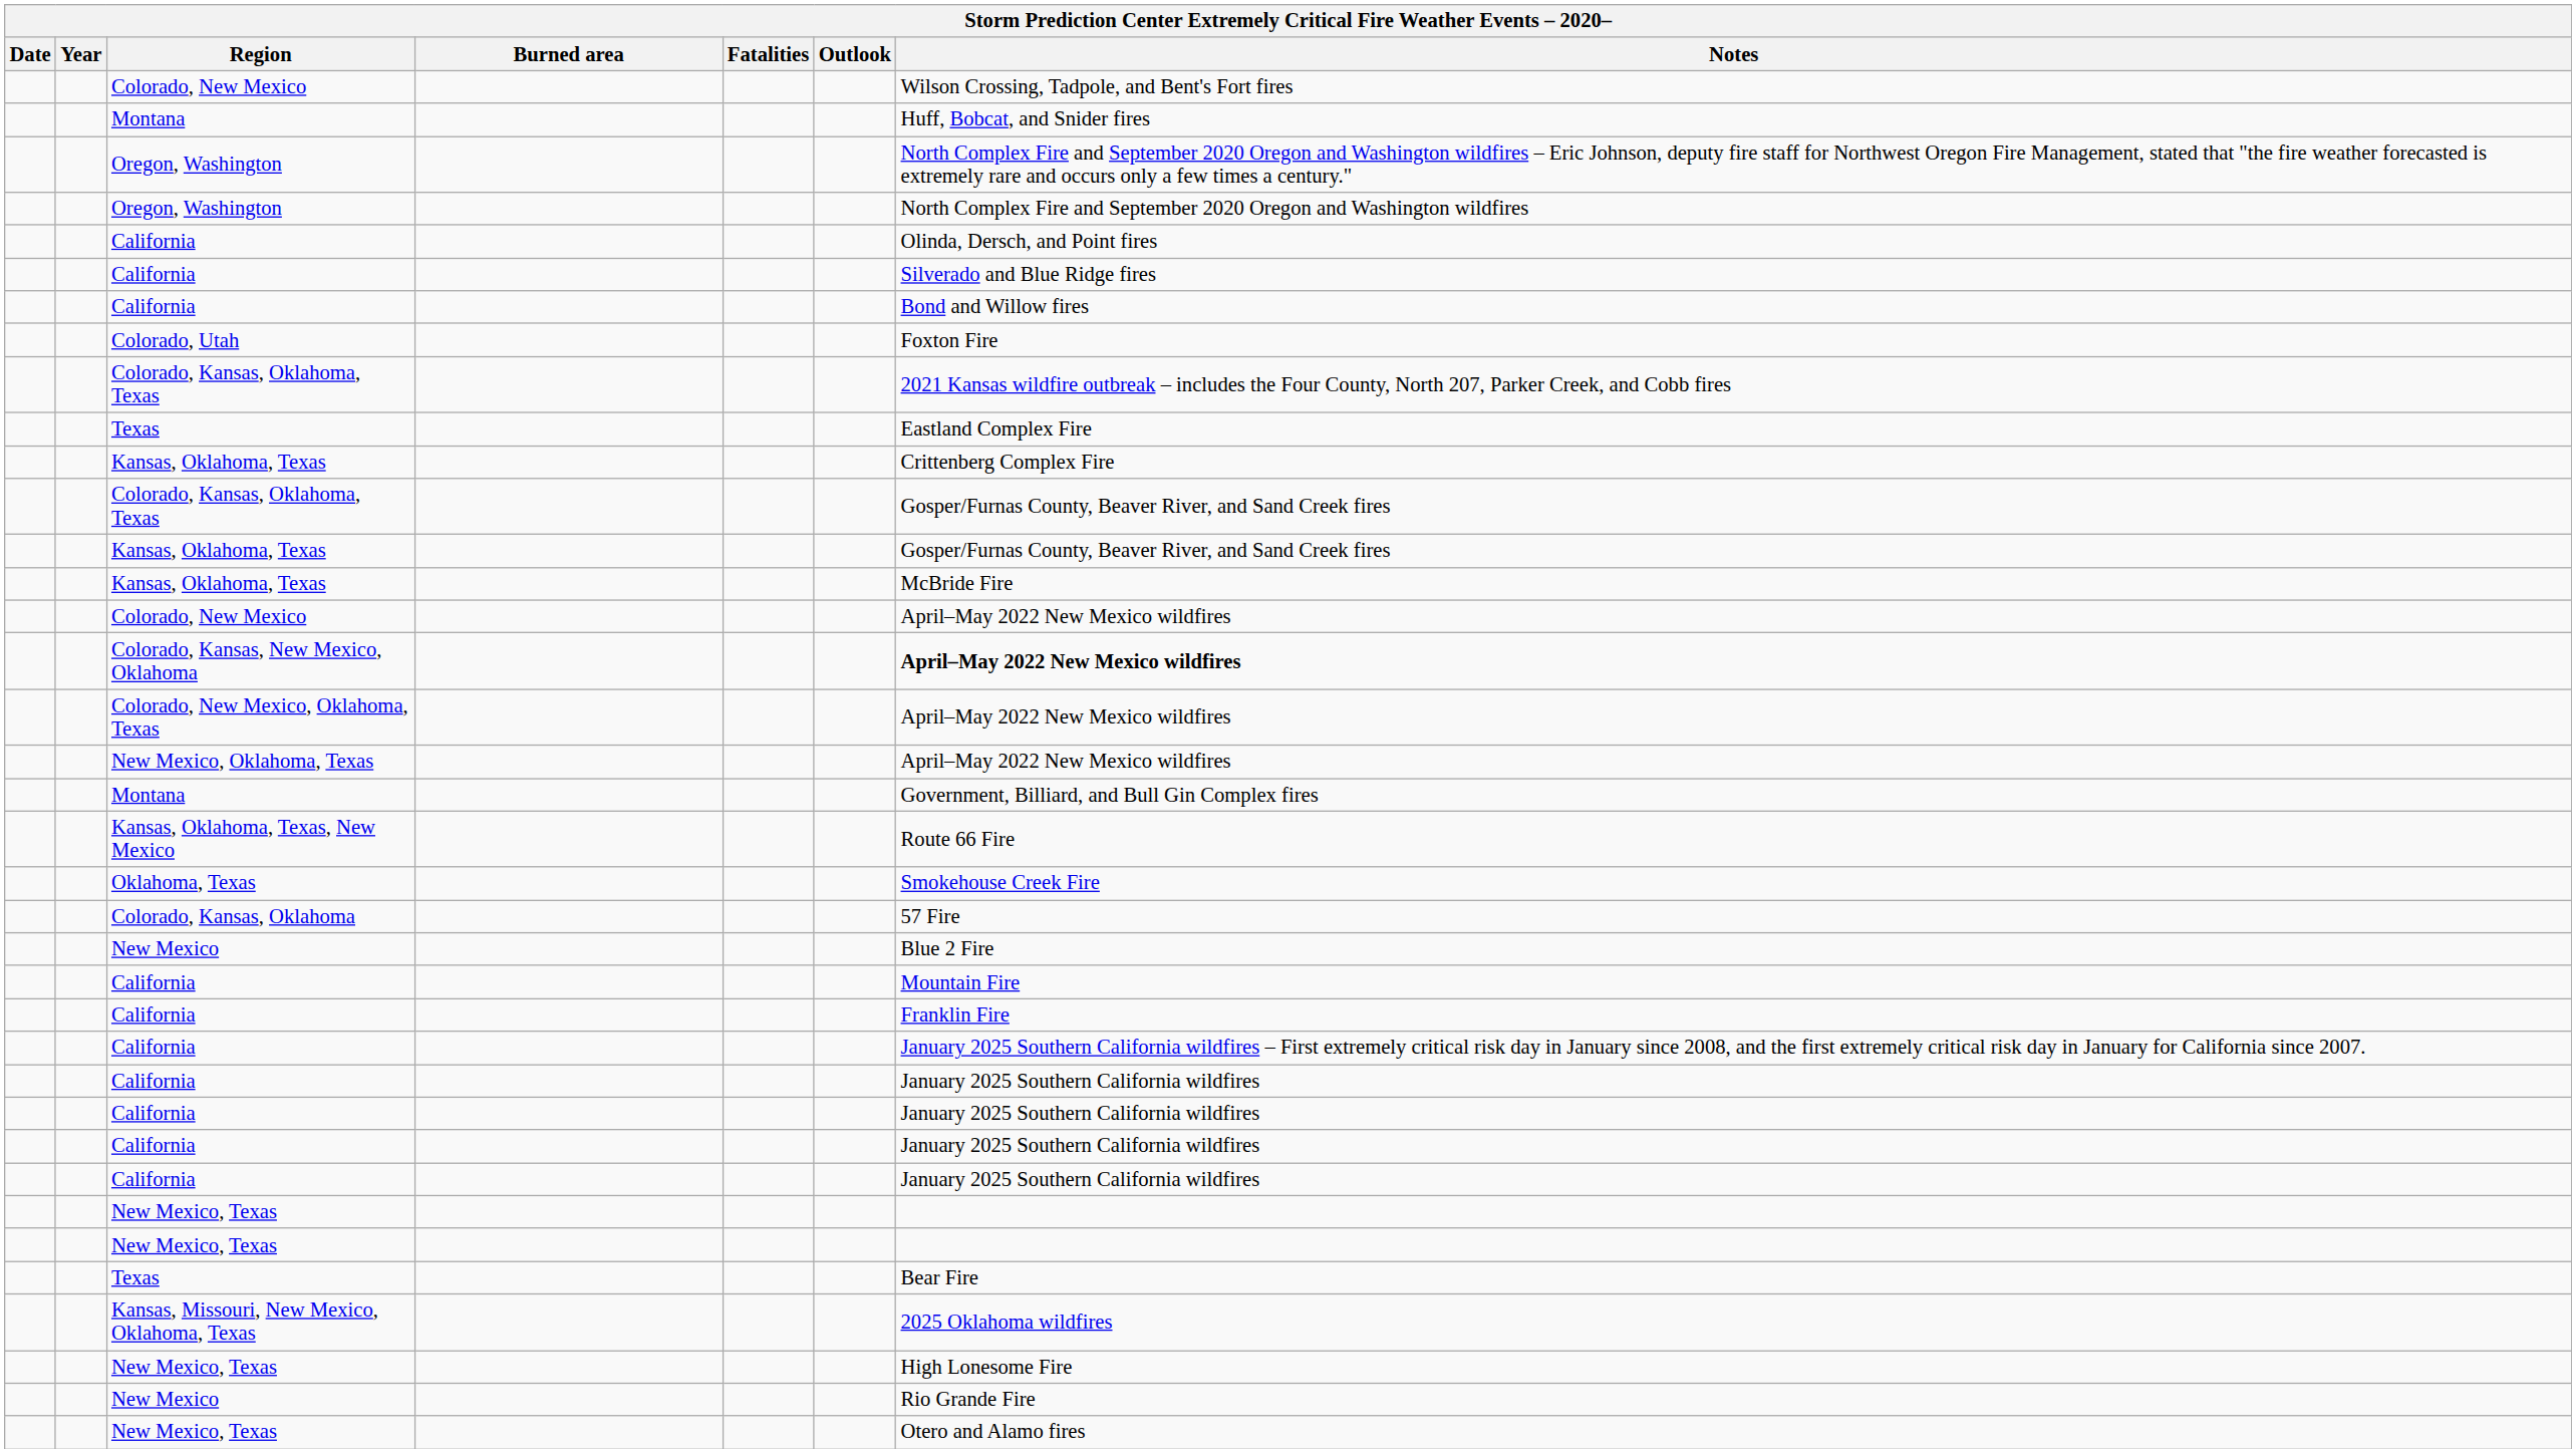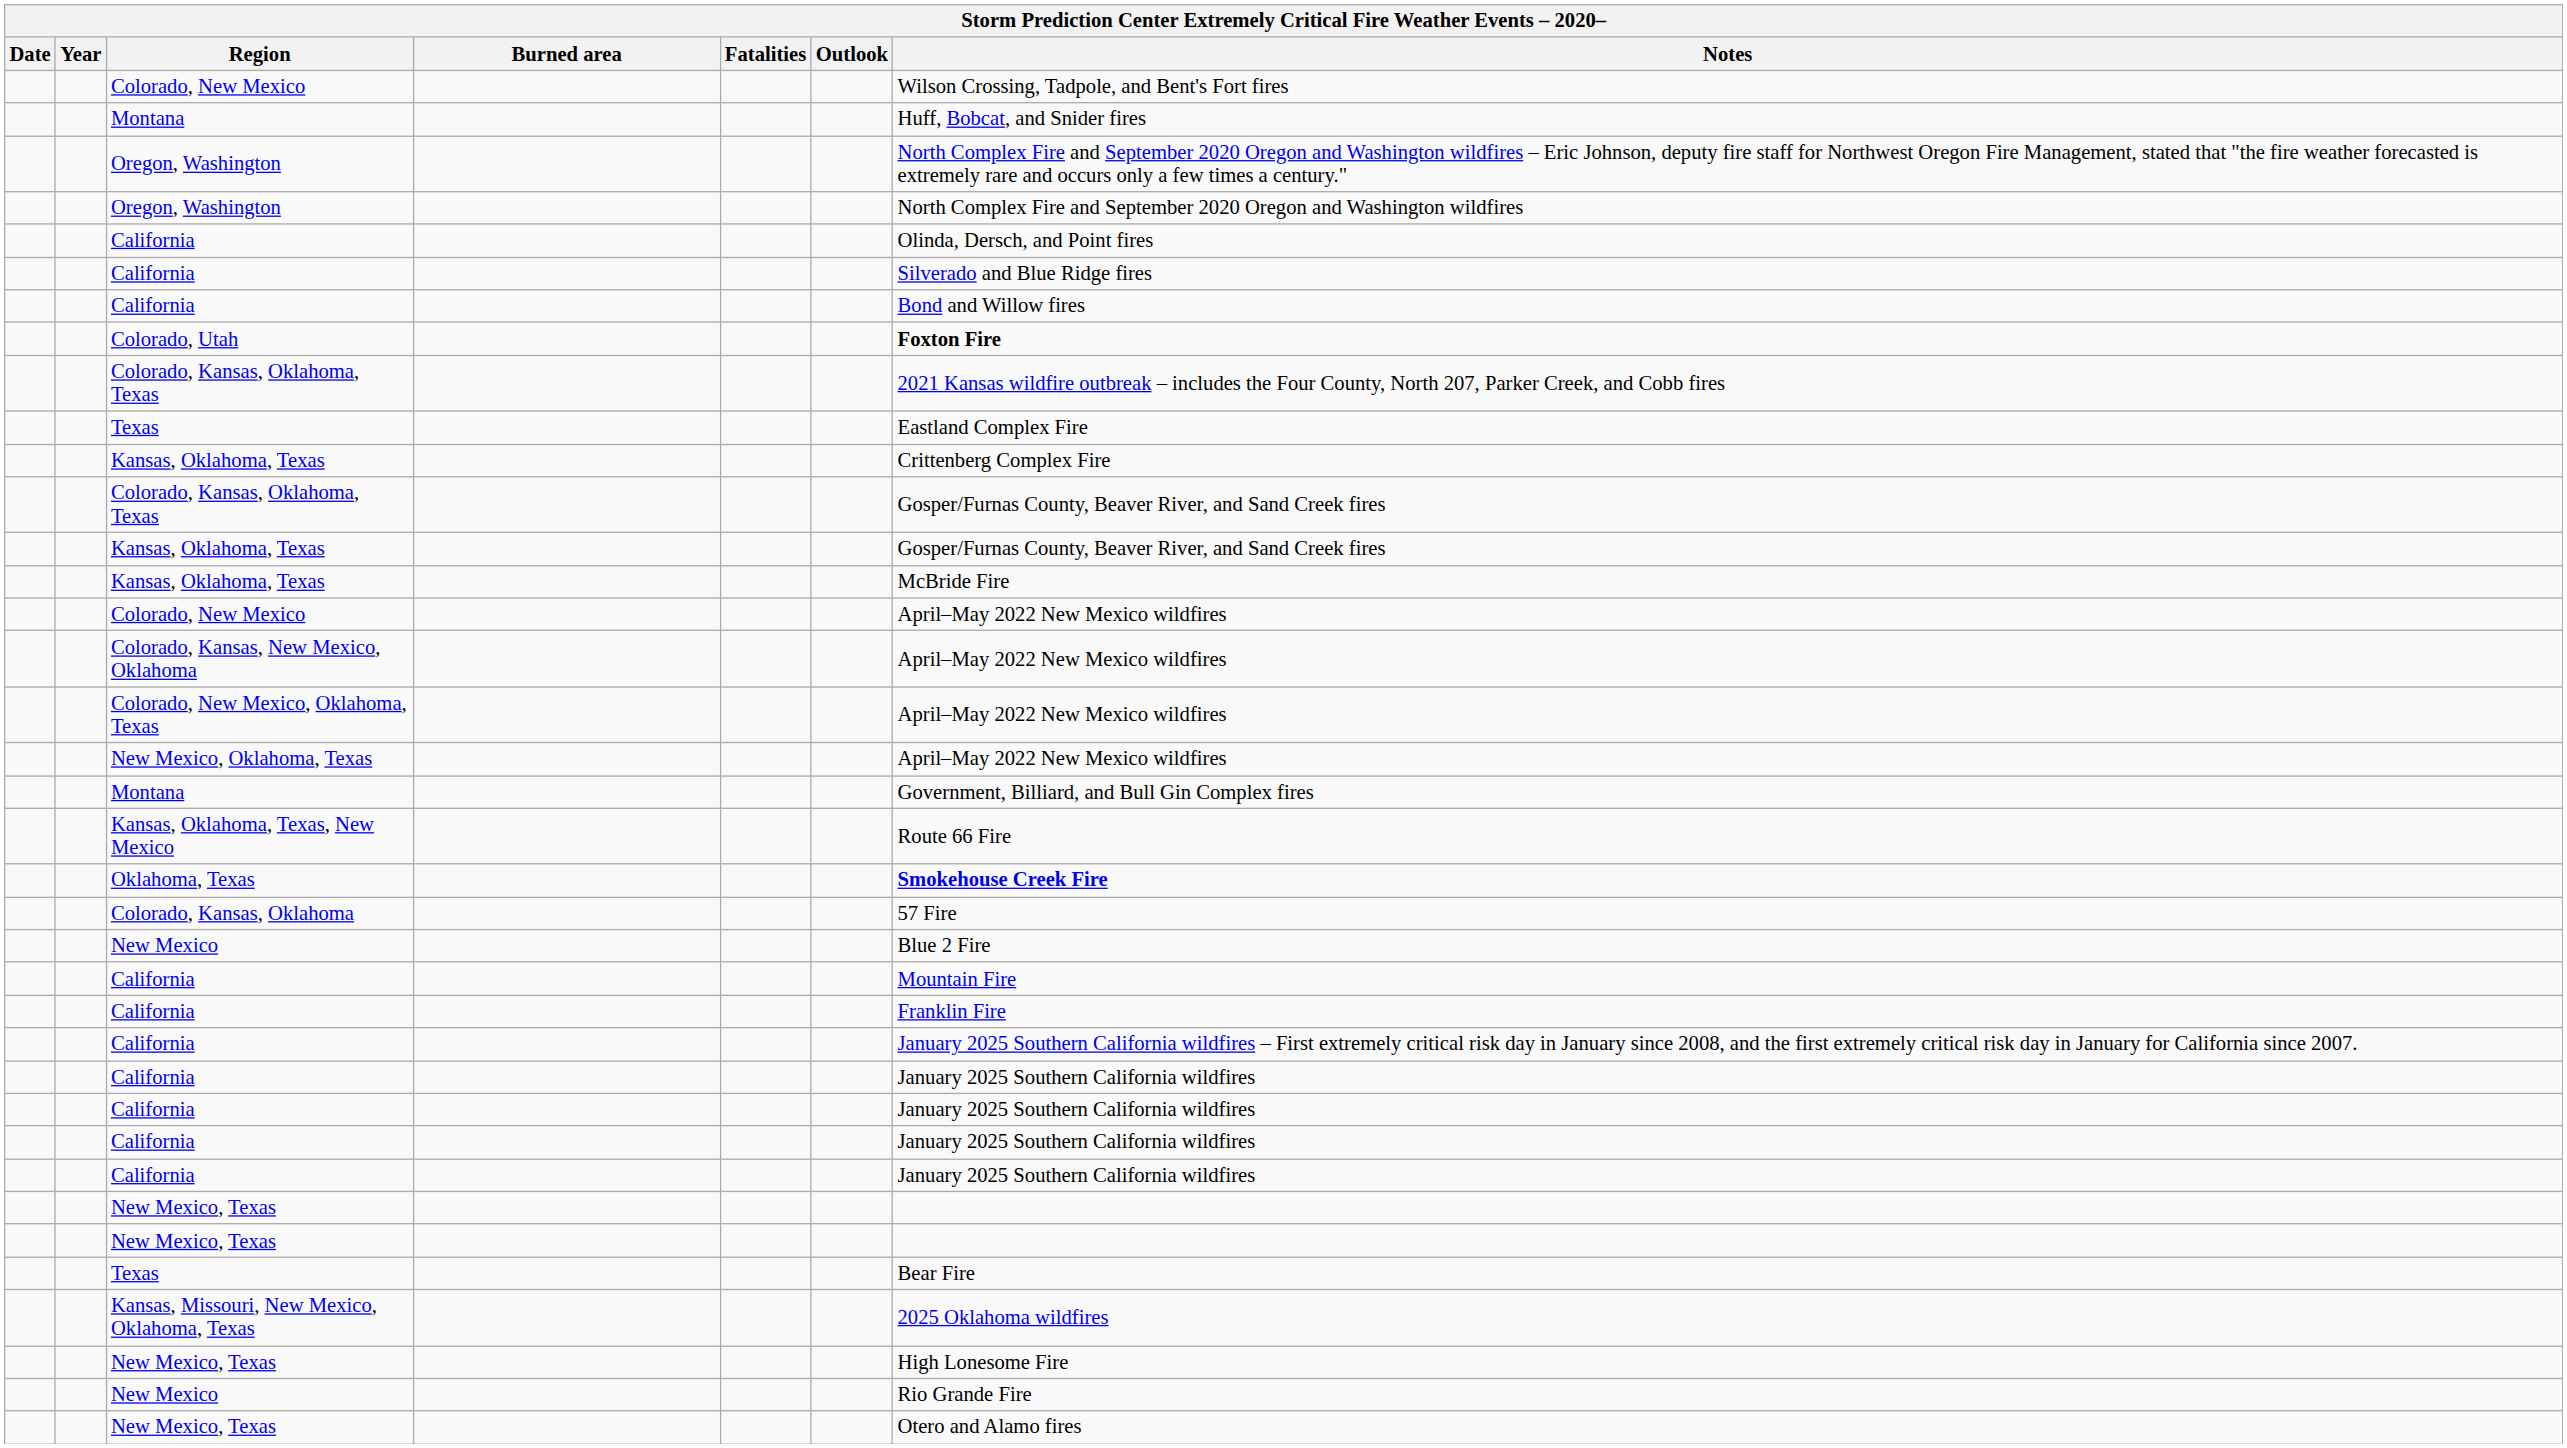 <table class="wikitable collapsible sortable" style="width:100%;">
 <tr>
 <th colspan="8">Storm Prediction Center Extremely Critical Fire Weather Events – 2020–</th>
 </tr>
 <tr>
 <th scope="col">Date</th>
 <th scope="col">Year</th>
 <th scope="col" class="unsortable" style="width:12%;">Region</th>
 <th scope="col" class="unsortable" style="width:12%;">Burned area</th>
 <th scope="col">Fatalities</th>
 <th scope="col" class="unsortable">Outlook</th>
 <th scope="col" class="unsortable">Notes</th>
 </tr>
 <tr>
 <td></td>
 <td></td>
 <td><a href='#'>Colorado</a>, <a href='#'>New Mexico</a></td>
 <td style="text-align:center;"></td>
 <td style="text-align:center;"></td>
 <td></td>
 <td>Wilson Crossing, Tadpole, and Bent's Fort fires</td>
 </tr>
 <tr>
 <td></td>
 <td></td>
 <td><a href='#'>Montana</a></td>
 <td style="text-align:center;"></td>
 <td style="text-align:center;"></td>
 <td></td>
 <td>Huff, <a href='#'>Bobcat</a>, and Snider fires</td>
 </tr>
 <tr>
 <td></td>
 <td></td>
 <td><a href='#'>Oregon</a>, <a href='#'>Washington</a></td>
 <td style="text-align:center;"></td>
 <td style="text-align:center;"></td>
 <td></td>
 <td><a href='#'>North Complex Fire</a> and <a href='#'>September 2020 Oregon and Washington wildfires</a> – Eric Johnson, deputy fire staff for Northwest Oregon Fire Management, stated that "the fire weather forecasted is extremely rare and occurs only a few times a century."</td>
 </tr>
 <tr>
 <td></td>
 <td></td>
 <td><a href='#'>Oregon</a>, <a href='#'>Washington</a></td>
 <td style="text-align:center;"></td>
 <td style="text-align:center;"></td>
 <td></td>
 <td>North Complex Fire and September 2020 Oregon and Washington wildfires</td>
 </tr>
 <tr>
 <td></td>
 <td></td>
 <td><a href='#'>California</a></td>
 <td style="text-align:center;"></td>
 <td style="text-align:center;"></td>
 <td></td>
 <td>Olinda, Dersch, and Point fires</td>
 </tr>
 <tr>
 <td></td>
 <td></td>
 <td><a href='#'>California</a></td>
 <td style="text-align:center;"></td>
 <td style="text-align:center;"></td>
 <td></td>
 <td><a href='#'>Silverado</a> and Blue Ridge fires</td>
 </tr>
 <tr>
 <td></td>
 <td></td>
 <td><a href='#'>California</a></td>
 <td style="text-align:center;"></td>
 <td style="text-align:center;"></td>
 <td></td>
 <td><a href='#'>Bond</a> and Willow fires</td>
 </tr>
 <tr>
 <td></td>
 <td></td>
 <td><a href='#'>Colorado</a>, <a href='#'>Utah</a></td>
 <td style="text-align:center;"></td>
 <td style="text-align:center;"></td>
 <td></td>
-<td>Foxton Fire</td>
+<td><strong>Foxton Fire</strong></td>
 </tr>
 <tr>
 <td></td>
 <td></td>
 <td><a href='#'>Colorado</a>, <a href='#'>Kansas</a>, <a href='#'>Oklahoma</a>, <a href='#'>Texas</a></td>
 <td style="text-align:center;"></td>
 <td style="text-align:center;"></td>
 <td></td>
 <td><a href='#'>2021 Kansas wildfire outbreak</a> – includes the Four County, North 207, Parker Creek, and Cobb fires</td>
 </tr>
 <tr>
 <td></td>
 <td></td>
 <td><a href='#'>Texas</a></td>
 <td style="text-align:center;"></td>
 <td style="text-align:center;"></td>
 <td></td>
 <td>Eastland Complex Fire</td>
 </tr>
 <tr>
 <td></td>
 <td></td>
 <td><a href='#'>Kansas</a>, <a href='#'>Oklahoma</a>, <a href='#'>Texas</a></td>
 <td style="text-align:center;"></td>
 <td style="text-align:center;"></td>
 <td></td>
 <td>Crittenberg Complex Fire</td>
 </tr>
 <tr>
 <td></td>
 <td></td>
 <td><a href='#'>Colorado</a>, <a href='#'>Kansas</a>, <a href='#'>Oklahoma</a>, <a href='#'>Texas</a></td>
 <td style="text-align:center;"></td>
 <td style="text-align:center;"></td>
 <td></td>
 <td>Gosper/Furnas County, Beaver River, and Sand Creek fires</td>
 </tr>
 <tr>
 <td></td>
 <td></td>
 <td><a href='#'>Kansas</a>, <a href='#'>Oklahoma</a>, <a href='#'>Texas</a></td>
 <td style="text-align:center;"></td>
 <td style="text-align:center;"></td>
 <td></td>
 <td>Gosper/Furnas County, Beaver River, and Sand Creek fires</td>
 </tr>
 <tr>
 <td></td>
 <td></td>
 <td><a href='#'>Kansas</a>, <a href='#'>Oklahoma</a>, <a href='#'>Texas</a></td>
 <td style="text-align:center;"></td>
 <td style="text-align:center;"></td>
 <td></td>
 <td>McBride Fire</td>
 </tr>
 <tr>
 <td></td>
 <td></td>
 <td><a href='#'>Colorado</a>, <a href='#'>New Mexico</a></td>
 <td style="text-align:center;"></td>
 <td style="text-align:center;"></td>
 <td></td>
 <td>April–May 2022 New Mexico wildfires</td>
 </tr>
 <tr>
 <td></td>
 <td></td>
 <td><a href='#'>Colorado</a>, <a href='#'>Kansas</a>, <a href='#'>New Mexico</a>, <a href='#'>Oklahoma</a></td>
 <td style="text-align:center;"></td>
 <td style="text-align:center;"></td>
 <td></td>
-<td><strong>April–May 2022 New Mexico wildfires</strong></td>
+<td>April–May 2022 New Mexico wildfires</td>
 </tr>
 <tr>
 <td></td>
 <td></td>
 <td><a href='#'>Colorado</a>, <a href='#'>New Mexico</a>, <a href='#'>Oklahoma</a>, <a href='#'>Texas</a></td>
 <td style="text-align:center;"></td>
 <td style="text-align:center;"></td>
 <td></td>
 <td>April–May 2022 New Mexico wildfires</td>
 </tr>
 <tr>
 <td></td>
 <td></td>
 <td><a href='#'>New Mexico</a>, <a href='#'>Oklahoma</a>, <a href='#'>Texas</a></td>
 <td style="text-align:center;"></td>
 <td style="text-align:center;"></td>
 <td></td>
 <td>April–May 2022 New Mexico wildfires</td>
 </tr>
 <tr>
 <td></td>
 <td></td>
 <td><a href='#'>Montana</a></td>
 <td style="text-align:center;"></td>
 <td style="text-align:center;"></td>
 <td></td>
 <td>Government, Billiard, and Bull Gin Complex fires</td>
 </tr>
 <tr>
 <td></td>
 <td></td>
 <td><a href='#'>Kansas</a>, <a href='#'>Oklahoma</a>, <a href='#'>Texas</a>, <a href='#'>New Mexico</a></td>
 <td style="text-align:center;"></td>
 <td style="text-align:center;"></td>
 <td></td>
 <td>Route 66 Fire</td>
 </tr>
 <tr>
 <td></td>
 <td></td>
 <td><a href='#'>Oklahoma</a>, <a href='#'>Texas</a></td>
 <td style="text-align:center;"></td>
 <td style="text-align:center;"></td>
 <td></td>
-<td><a href='#'>Smokehouse Creek Fire</a></td>
+<td><strong><a href='#'>Smokehouse Creek Fire</a></strong></td>
 </tr>
 <tr>
 <td></td>
 <td></td>
 <td><a href='#'>Colorado</a>, <a href='#'>Kansas</a>, <a href='#'>Oklahoma</a></td>
 <td style="text-align:center;"></td>
 <td style="text-align:center;"></td>
 <td></td>
 <td>57 Fire</td>
 </tr>
 <tr>
 <td></td>
 <td></td>
 <td><a href='#'>New Mexico</a></td>
 <td style="text-align:center;"></td>
 <td style="text-align:center;"></td>
 <td></td>
 <td>Blue 2 Fire</td>
 </tr>
 <tr>
 <td></td>
 <td></td>
 <td><a href='#'>California</a></td>
 <td style="text-align:center;"></td>
 <td style="text-align:center;"></td>
 <td></td>
 <td><a href='#'>Mountain Fire</a></td>
 </tr>
 <tr>
 <td></td>
 <td></td>
 <td><a href='#'>California</a></td>
 <td style="text-align:center;"></td>
 <td style="text-align:center;"></td>
 <td></td>
 <td><a href='#'>Franklin Fire</a></td>
 </tr>
 <tr>
 <td></td>
 <td></td>
 <td><a href='#'>California</a></td>
 <td style="text-align:center;"></td>
 <td style="text-align:center;"></td>
 <td></td>
 <td><a href='#'>January 2025 Southern California wildfires</a>  – First extremely critical risk day in January since 2008, and the first extremely critical risk day in January for California since 2007.</td>
 </tr>
 <tr>
 <td></td>
 <td></td>
 <td><a href='#'>California</a></td>
 <td style="text-align:center;"></td>
 <td style="text-align:center;"></td>
 <td></td>
 <td>January 2025 Southern California wildfires</td>
 </tr>
 <tr>
 <td></td>
 <td></td>
 <td><a href='#'>California</a></td>
 <td style="text-align:center;"></td>
 <td style="text-align:center;"></td>
 <td></td>
 <td>January 2025 Southern California wildfires</td>
 </tr>
 <tr>
 <td></td>
 <td></td>
 <td><a href='#'>California</a></td>
 <td style="text-align:center;"></td>
 <td style="text-align:center;"></td>
 <td></td>
 <td>January 2025 Southern California wildfires</td>
 </tr>
 <tr>
 <td></td>
 <td></td>
 <td><a href='#'>California</a></td>
 <td style="text-align:center;"></td>
 <td style="text-align:center;"></td>
 <td></td>
 <td>January 2025 Southern California wildfires</td>
 </tr>
 <tr>
 <td></td>
 <td></td>
 <td><a href='#'>New Mexico</a>, <a href='#'>Texas</a></td>
 <td></td>
 <td style="text-align:center;"></td>
 <td></td>
 <td></td>
 </tr>
 <tr>
 <td></td>
 <td></td>
 <td><a href='#'>New Mexico</a>, <a href='#'>Texas</a></td>
 <td></td>
 <td style="text-align:center;"></td>
 <td></td>
 <td></td>
 </tr>
 <tr>
 <td></td>
 <td></td>
 <td><a href='#'>Texas</a></td>
 <td style="text-align:center;"></td>
 <td style="text-align:center;"></td>
 <td></td>
 <td>Bear Fire</td>
 </tr>
 <tr>
 <td></td>
 <td></td>
 <td><a href='#'>Kansas</a>, <a href='#'>Missouri</a>, <a href='#'>New Mexico</a>, <a href='#'>Oklahoma</a>, <a href='#'>Texas</a></td>
 <td style="text-align:center;"></td>
 <td style="text-align:center;"></td>
 <td></td>
 <td><a href='#'>2025 Oklahoma wildfires</a></td>
 </tr>
 <tr>
 <td></td>
 <td></td>
 <td><a href='#'>New Mexico</a>, <a href='#'>Texas</a></td>
 <td style="text-align:center;"></td>
 <td style="text-align:center;"></td>
 <td></td>
 <td>High Lonesome Fire</td>
 </tr>
 <tr>
 <td></td>
 <td></td>
 <td><a href='#'>New Mexico</a></td>
 <td style="text-align:center;"></td>
 <td style="text-align:center;"></td>
 <td></td>
 <td>Rio Grande Fire</td>
 </tr>
 <tr>
 <td></td>
 <td></td>
 <td><a href='#'>New Mexico</a>, <a href='#'>Texas</a></td>
 <td style="text-align:center;"></td>
 <td style="text-align:center;"></td>
 <td></td>
 <td>Otero and Alamo fires</td>
 </tr>
 </table>
